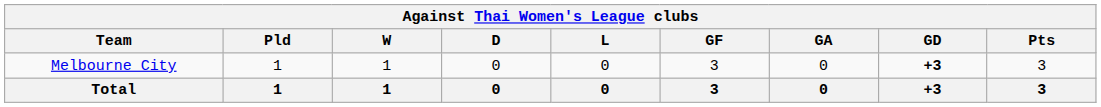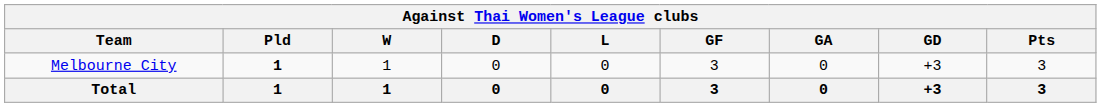 <table class="wikitable" width="60%" style="text-align:center">
 <tr>
 <th colspan="9">Against <a href='#'>Thai Women's League</a> clubs</th>
 </tr>
 <tr>
 <th width="10%">Team</th>
 <th width="5%">Pld</th>
 <th width="5%">W</th>
 <th width="5%">D</th>
 <th width="5%">L</th>
 <th width="5%">GF</th>
 <th width="5%">GA</th>
 <th width="5%">GD</th>
 <th width="5%">Pts</th>
 </tr>
 <tr>
 <td><a href='#'>Melbourne City</a></td>
-<td>1</td>
+<td><strong>1</strong></td>
 <td>1</td>
 <td>0</td>
 <td>0</td>
 <td>3</td>
 <td>0</td>
-<td><strong>+3</strong></td>
+<td>+3</td>
 <td>3</td>
 </tr>
 <tr>
 <th>Total</th>
 <th>1</th>
 <th>1</th>
 <th>0</th>
 <th>0</th>
 <th>3</th>
 <th>0</th>
 <th>+3</th>
 <th>3</th>
 </tr>
 </table>
